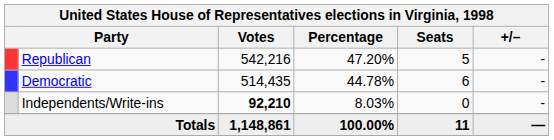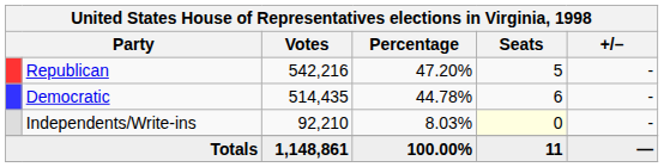 <table class="wikitable" style="font-size: 95%;">
 <tr>
 <th colspan="6">United States House of Representatives elections in Virginia, 1998</th>
 </tr>
 <tr>
 <th colspan=2 style="width: 15em">Party</th>
 <th style="width: 5em">Votes</th>
 <th style="width: 7em">Percentage</th>
 <th style="width: 5em">Seats</th>
 <th style="width: 5em">+/–</th>
 </tr>
 <tr>
 <th style="background-color:#FF3333; width: 3px"></th>
 <td style="width: 130px"><a href='#'>Republican</a></td>
 <td align="right">542,216</td>
 <td align="right">47.20%</td>
 <td align="right">5</td>
 <td align="right">-</td>
 </tr>
 <tr>
 <th style="background-color:#3333FF; width: 3px"></th>
 <td style="width: 130px"><a href='#'>Democratic</a></td>
 <td align="right">514,435</td>
 <td align="right">44.78%</td>
 <td align="right">6</td>
 <td align="right">-</td>
 </tr>
 <tr>
 <th style="background-color:#DDDDDD; width: 3px"></th>
 <td style="width: 130px">Independents/Write-ins</td>
-<td align="right"><strong>92,210</strong></td>
+<td align="right">92,210</td>
 <td align="right">8.03%</td>
-<td align="right">0</td>
+<td align="right" style="background: lightyellow;">0</td>
 <td align="right">-</td>
 </tr>
 <tr>
 </tr>
 <tr bgcolor="#EEEEEE">
 <td colspan="2" align="right"><strong>Totals</strong></td>
 <td align="right"><strong>1,148,861</strong></td>
 <td align="right"><strong>100.00%</strong></td>
 <td align="right"><strong>11</strong></td>
 <td align="right"><strong>—</strong></td>
 </tr>
 <tr bgcolor="#EEEEEE">
 </tr>
 </table>
